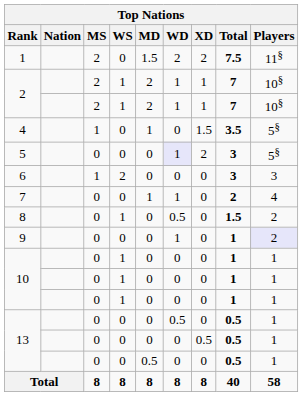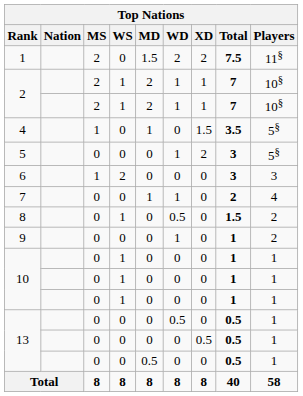 <table class="wikitable" style="text-align:center">
 <tr>
 <th colspan=10>Top Nations</th>
 </tr>
 <tr>
 <th>Rank</th>
 <th>Nation</th>
 <th>MS</th>
 <th>WS</th>
 <th>MD</th>
 <th>WD</th>
 <th>XD</th>
 <th>Total</th>
 <th>Players</th>
 </tr>
 <tr>
 <td>1</td>
 <td align=left></td>
 <td>2</td>
 <td>0</td>
 <td>1.5</td>
 <td>2</td>
 <td>2</td>
 <td><strong>7.5</strong></td>
 <td>11<sup>§</sup></td>
 </tr>
 <tr align=center>
 <td rowspan=2>2</td>
 <td align=left></td>
 <td>2</td>
 <td>1</td>
 <td>2</td>
 <td>1</td>
 <td>1</td>
 <td><strong>7</strong></td>
 <td>10<sup>§</sup></td>
 </tr>
 <tr align=center>
 <td align=left></td>
 <td>2</td>
 <td>1</td>
 <td>2</td>
 <td>1</td>
 <td>1</td>
 <td><strong>7</strong></td>
 <td>10<sup>§</sup></td>
 </tr>
 <tr align=center>
 <td>4</td>
 <td align=left></td>
 <td>1</td>
 <td>0</td>
 <td>1</td>
 <td>0</td>
 <td>1.5</td>
 <td><strong>3.5</strong></td>
 <td>5<sup>§</sup></td>
 </tr>
 <tr align=center>
 <td>5</td>
 <td align=left></td>
 <td>0</td>
 <td>0</td>
 <td>0</td>
-<td style="background: lavender;">1</td>
+<td>1</td>
 <td>2</td>
 <td><strong>3</strong></td>
 <td>5<sup>§</sup></td>
 </tr>
 <tr align=center>
 <td>6</td>
 <td align=left></td>
 <td>1</td>
 <td>2</td>
 <td>0</td>
 <td>0</td>
 <td>0</td>
 <td><strong>3</strong></td>
 <td>3</td>
 </tr>
 <tr align=center>
 <td>7</td>
 <td align=left></td>
 <td>0</td>
 <td>0</td>
 <td>1</td>
 <td>1</td>
 <td>0</td>
 <td><strong>2</strong></td>
 <td>4</td>
 </tr>
 <tr align=center>
 <td>8</td>
 <td align=left></td>
 <td>0</td>
 <td>1</td>
 <td>0</td>
 <td>0.5</td>
 <td>0</td>
 <td><strong>1.5</strong></td>
 <td>2</td>
 </tr>
 <tr align=center>
 <td>9</td>
 <td align=left></td>
 <td>0</td>
 <td>0</td>
 <td>0</td>
 <td>1</td>
 <td>0</td>
 <td><strong>1</strong></td>
-<td style="background: lavender;">2</td>
+<td>2</td>
 </tr>
 <tr align=center>
 <td rowspan=3>10</td>
 <td align=left></td>
 <td>0</td>
 <td>1</td>
 <td>0</td>
 <td>0</td>
 <td>0</td>
 <td><strong>1</strong></td>
 <td>1</td>
 </tr>
 <tr align=center>
 <td align=left></td>
 <td>0</td>
 <td>1</td>
 <td>0</td>
 <td>0</td>
 <td>0</td>
 <td><strong>1</strong></td>
 <td>1</td>
 </tr>
 <tr align=center>
 <td align=left></td>
 <td>0</td>
 <td>1</td>
 <td>0</td>
 <td>0</td>
 <td>0</td>
 <td><strong>1</strong></td>
 <td>1</td>
 </tr>
 <tr align=center>
 <td rowspan=3>13</td>
 <td align=left></td>
 <td>0</td>
 <td>0</td>
 <td>0</td>
 <td>0.5</td>
 <td>0</td>
 <td><strong>0.5</strong></td>
 <td>1</td>
 </tr>
 <tr align=center>
 <td align=left></td>
 <td>0</td>
 <td>0</td>
 <td>0</td>
 <td>0</td>
 <td>0.5</td>
 <td><strong>0.5</strong></td>
 <td>1</td>
 </tr>
 <tr align=center>
 <td align=left></td>
 <td>0</td>
 <td>0</td>
 <td>0.5</td>
 <td>0</td>
 <td>0</td>
 <td><strong>0.5</strong></td>
 <td>1</td>
 </tr>
 <tr>
 <th colspan=2>Total</th>
 <td><strong>8</strong></td>
 <td><strong>8</strong></td>
 <td><strong>8</strong></td>
 <td><strong>8</strong></td>
 <td><strong>8</strong></td>
 <td><strong>40</strong></td>
 <td><strong>58</strong></td>
 </tr>
 </table>
